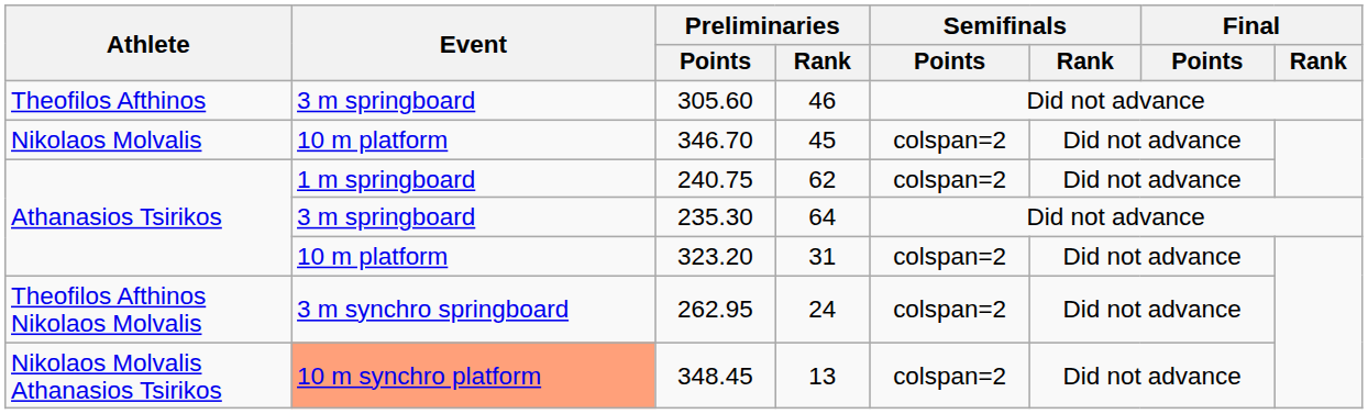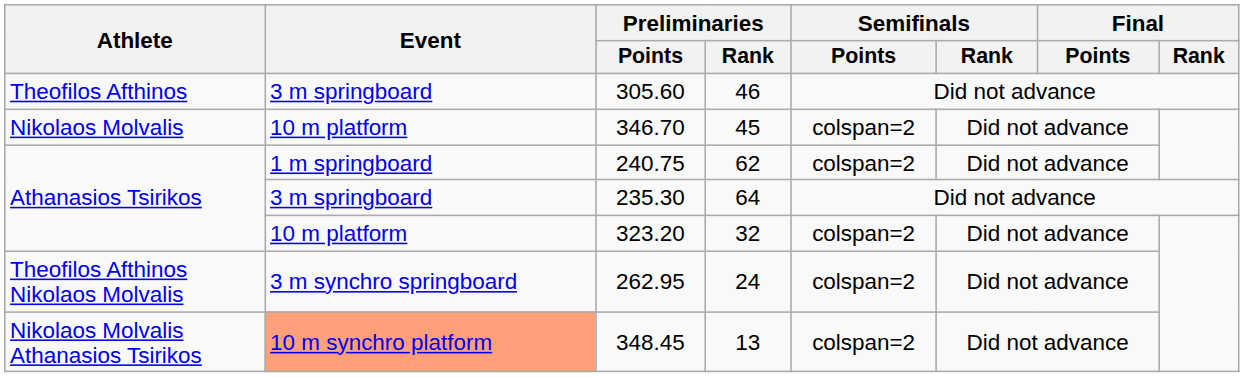 <table class="wikitable" style="text-align:center; font-size:90%; width:50%;">
 <tr>
 <th rowspan=2>Athlete</th>
 <th rowspan=2>Event</th>
 <th colspan=2>Preliminaries</th>
 <th colspan=2>Semifinals</th>
 <th colspan=2>Final</th>
 </tr>
 <tr style="font-size:95%">
 <th>Points</th>
 <th>Rank</th>
 <th>Points</th>
 <th>Rank</th>
 <th>Points</th>
 <th>Rank</th>
 </tr>
 <tr>
 <td align=left><a href='#'>Theofilos Afthinos</a></td>
 <td align=left><a href='#'>3 m springboard</a></td>
 <td>305.60</td>
 <td>46</td>
 <td colspan=4>Did not advance</td>
 </tr>
 <tr>
 <td align=left><a href='#'>Nikolaos Molvalis</a></td>
 <td align=left><a href='#'>10 m platform</a></td>
 <td>346.70</td>
 <td>45</td>
 <td>colspan=2 </td>
 <td colspan=2>Did not advance</td>
 </tr>
 <tr>
 <td align=left rowspan=3><a href='#'>Athanasios Tsirikos</a></td>
 <td align=left><a href='#'>1 m springboard</a></td>
 <td>240.75</td>
 <td>62</td>
 <td>colspan=2 </td>
 <td colspan=2>Did not advance</td>
 </tr>
 <tr>
 <td align=left><a href='#'>3 m springboard</a></td>
 <td>235.30</td>
 <td>64</td>
 <td colspan=4>Did not advance</td>
 </tr>
 <tr>
 <td align=left><a href='#'>10 m platform</a></td>
 <td>323.20</td>
-<td>31</td>
+<td>32</td>
 <td>colspan=2 </td>
 <td colspan=2>Did not advance</td>
 </tr>
 <tr>
 <td align=left><a href='#'>Theofilos Afthinos</a><br> <a href='#'>Nikolaos Molvalis</a></td>
 <td align=left><a href='#'>3 m synchro springboard</a></td>
 <td>262.95</td>
 <td>24</td>
 <td>colspan=2 </td>
 <td colspan=2>Did not advance</td>
 </tr>
 <tr>
 <td align=left><a href='#'>Nikolaos Molvalis</a><br> <a href='#'>Athanasios Tsirikos</a></td>
 <td align=left style="background: lightsalmon;"><a href='#'>10 m synchro platform</a></td>
 <td>348.45</td>
 <td>13</td>
 <td>colspan=2 </td>
 <td colspan=2>Did not advance</td>
 </tr>
 </table>
